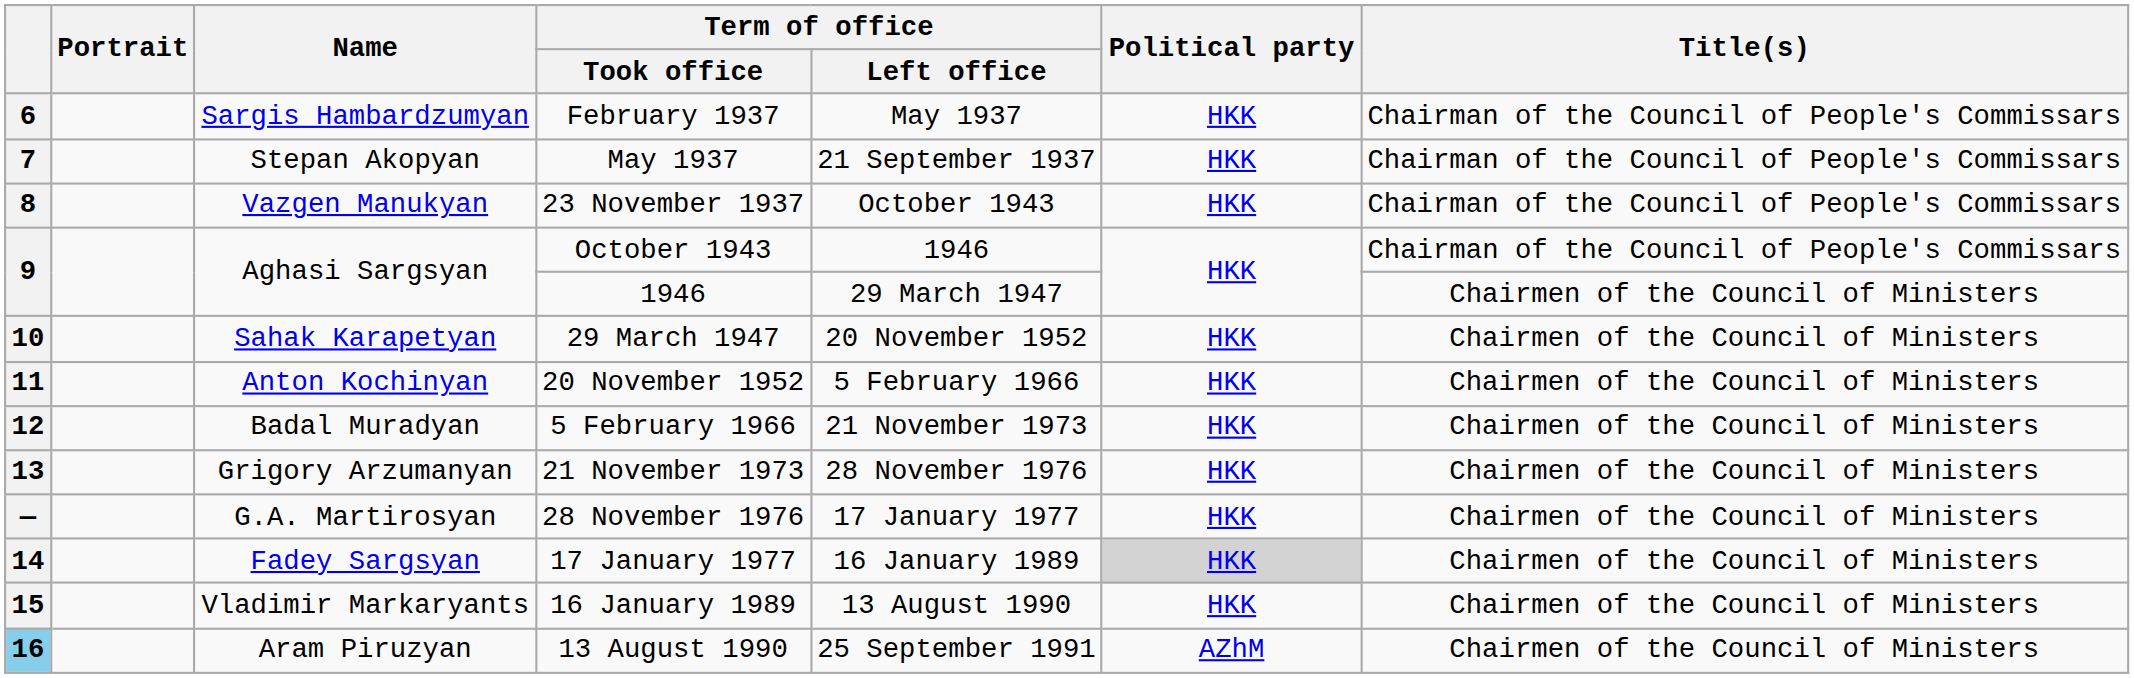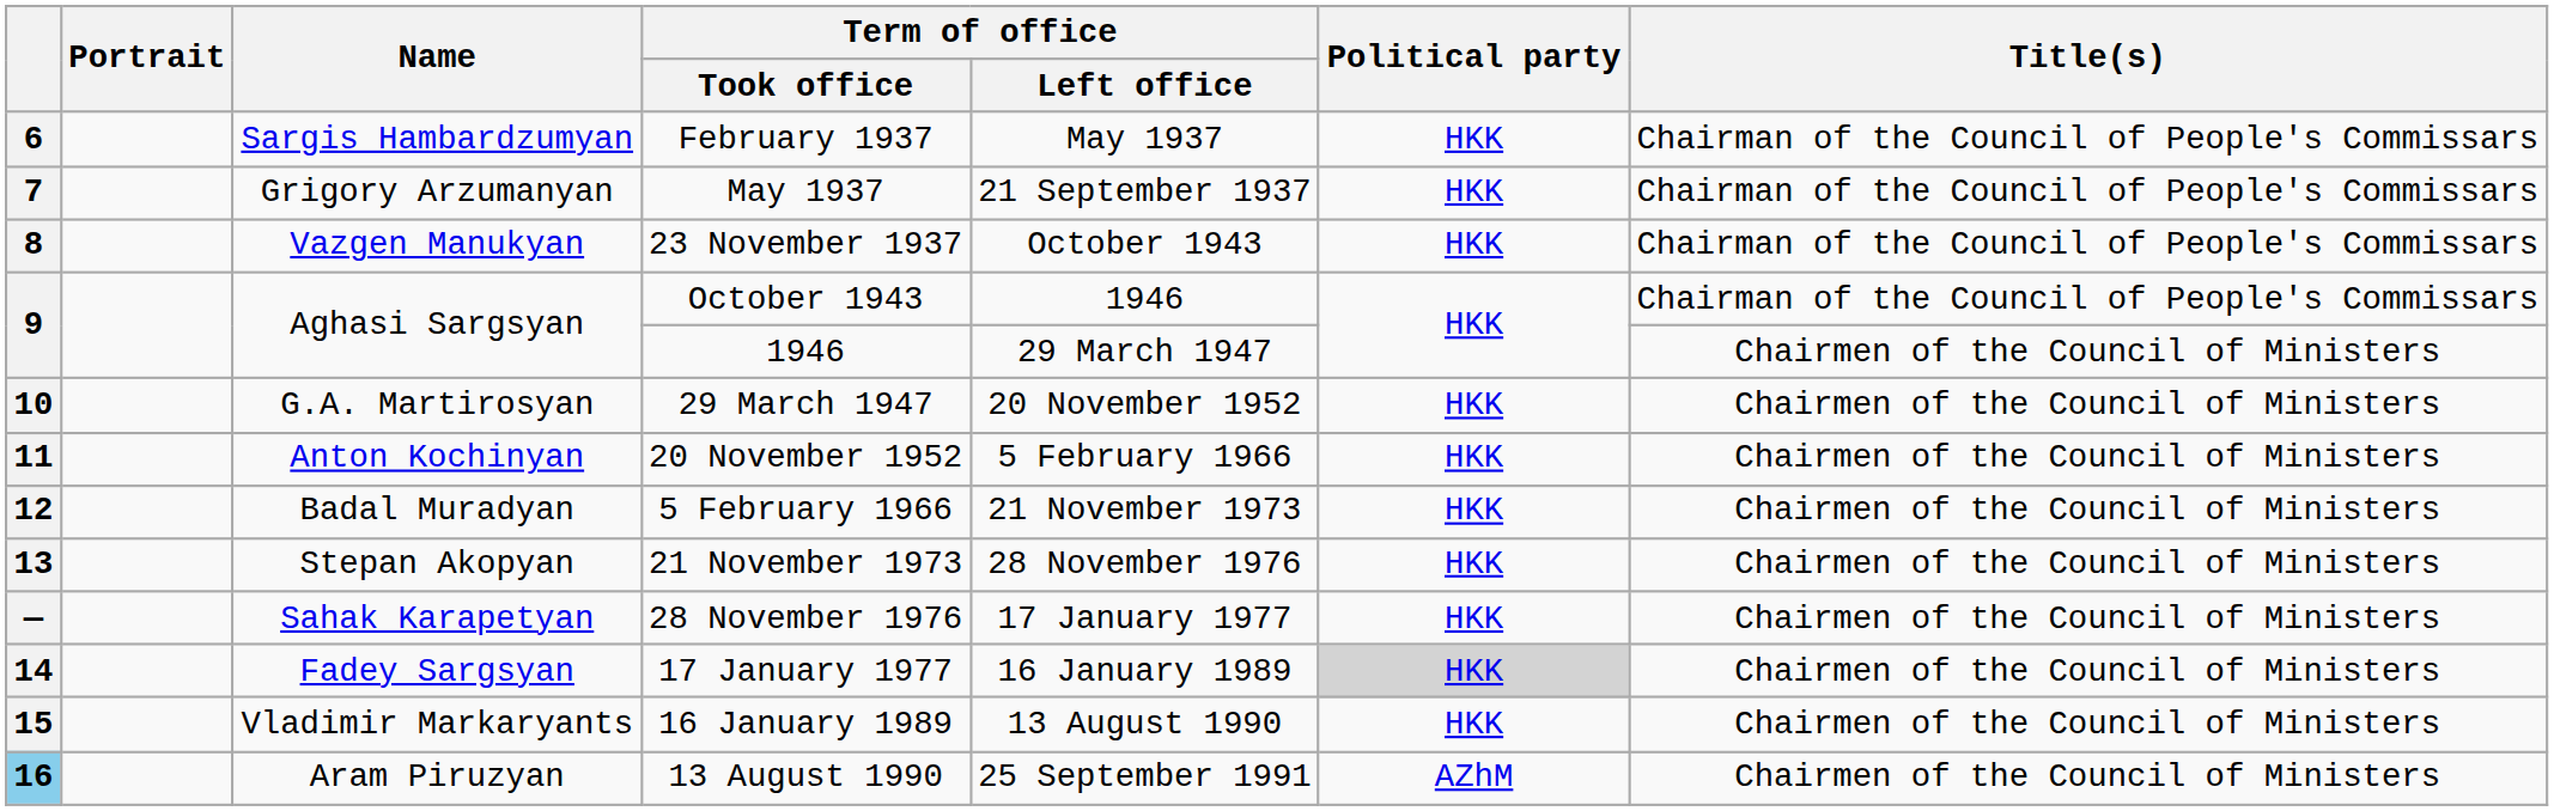 <table class="wikitable" style="text-align:center">
 <tr>
 <th rowspan="2"></th>
 <th rowspan="2">Portrait</th>
 <th rowspan="2">Name<br></th>
 <th colspan="2">Term of office</th>
 <th rowspan="2">Political party</th>
 <th rowspan="2">Title(s)</th>
 </tr>
 <tr>
 <th>Took office</th>
 <th>Left office</th>
 </tr>
 <tr>
 <th style="background:">6</th>
 <td></td>
 <td><a href='#'>Sargis Hambardzumyan</a><br></td>
 <td>February 1937</td>
 <td>May 1937</td>
 <td><a href='#'>HKK</a></td>
 <td>Chairman of the Council of People's Commissars</td>
 </tr>
 <tr>
 <th style="background:">7</th>
 <td></td>
-<td>Stepan Akopyan<br></td>
+<td>Grigory Arzumanyan<br></td>
 <td>May 1937</td>
 <td>21 September 1937</td>
 <td><a href='#'>HKK</a></td>
 <td>Chairman of the Council of People's Commissars</td>
 </tr>
 <tr>
 <th style="background:">8</th>
 <td></td>
 <td><a href='#'>Vazgen Manukyan</a><br></td>
 <td>23 November 1937</td>
 <td>October 1943</td>
 <td><a href='#'>HKK</a></td>
 <td>Chairman of the Council of People's Commissars</td>
 </tr>
 <tr>
 <th rowspan=2 style="background:">9</th>
 <td rowspan=2></td>
 <td rowspan=2>Aghasi Sargsyan<br></td>
 <td>October 1943</td>
 <td>1946</td>
 <td rowspan=2><a href='#'>HKK</a></td>
 <td>Chairman of the Council of People's Commissars</td>
 </tr>
 <tr>
 <td>1946</td>
 <td>29 March 1947</td>
 <td>Chairmen of the Council of Ministers</td>
 </tr>
 <tr>
 <th style="background:">10</th>
 <td></td>
-<td><a href='#'>Sahak Karapetyan</a><br></td>
+<td>G.A. Martirosyan<br></td>
 <td>29 March 1947</td>
 <td>20 November 1952</td>
 <td><a href='#'>HKK</a></td>
 <td>Chairmen of the Council of Ministers</td>
 </tr>
 <tr>
 <th style="background:">11</th>
 <td></td>
 <td><a href='#'>Anton Kochinyan</a><br></td>
 <td>20 November 1952</td>
 <td>5 February 1966</td>
 <td><a href='#'>HKK</a></td>
 <td>Chairmen of the Council of Ministers</td>
 </tr>
 <tr>
 <th style="background:">12</th>
 <td></td>
 <td>Badal Muradyan<br></td>
 <td>5 February 1966</td>
 <td>21 November 1973</td>
 <td><a href='#'>HKK</a></td>
 <td>Chairmen of the Council of Ministers</td>
 </tr>
 <tr>
 <th style="background:">13</th>
 <td></td>
-<td>Grigory Arzumanyan<br></td>
+<td>Stepan Akopyan<br></td>
 <td>21 November 1973</td>
 <td>28 November 1976</td>
 <td><a href='#'>HKK</a></td>
 <td>Chairmen of the Council of Ministers</td>
 </tr>
 <tr>
 <th style="background:">—</th>
 <td></td>
-<td>G.A. Martirosyan<br></td>
+<td><a href='#'>Sahak Karapetyan</a><br></td>
 <td>28 November 1976</td>
 <td>17 January 1977</td>
 <td><a href='#'>HKK</a></td>
 <td>Chairmen of the Council of Ministers</td>
 </tr>
 <tr>
 <th style="background:">14</th>
 <td></td>
 <td><a href='#'>Fadey Sargsyan</a><br></td>
 <td>17 January 1977</td>
 <td>16 January 1989</td>
 <td style="background: lightgrey;"><a href='#'>HKK</a></td>
 <td>Chairmen of the Council of Ministers</td>
 </tr>
 <tr>
 <th style="background:">15</th>
 <td></td>
 <td>Vladimir Markaryants<br></td>
 <td>16 January 1989</td>
 <td>13 August 1990</td>
 <td><a href='#'>HKK</a></td>
 <td>Chairmen of the Council of Ministers</td>
 </tr>
 <tr>
 <th style="background:SkyBlue; color:black">16</th>
 <td></td>
 <td>Aram Piruzyan<br></td>
 <td>13 August 1990</td>
 <td>25 September 1991</td>
 <td><a href='#'>AZhM</a></td>
 <td>Chairmen of the Council of Ministers</td>
 </tr>
 </table>
